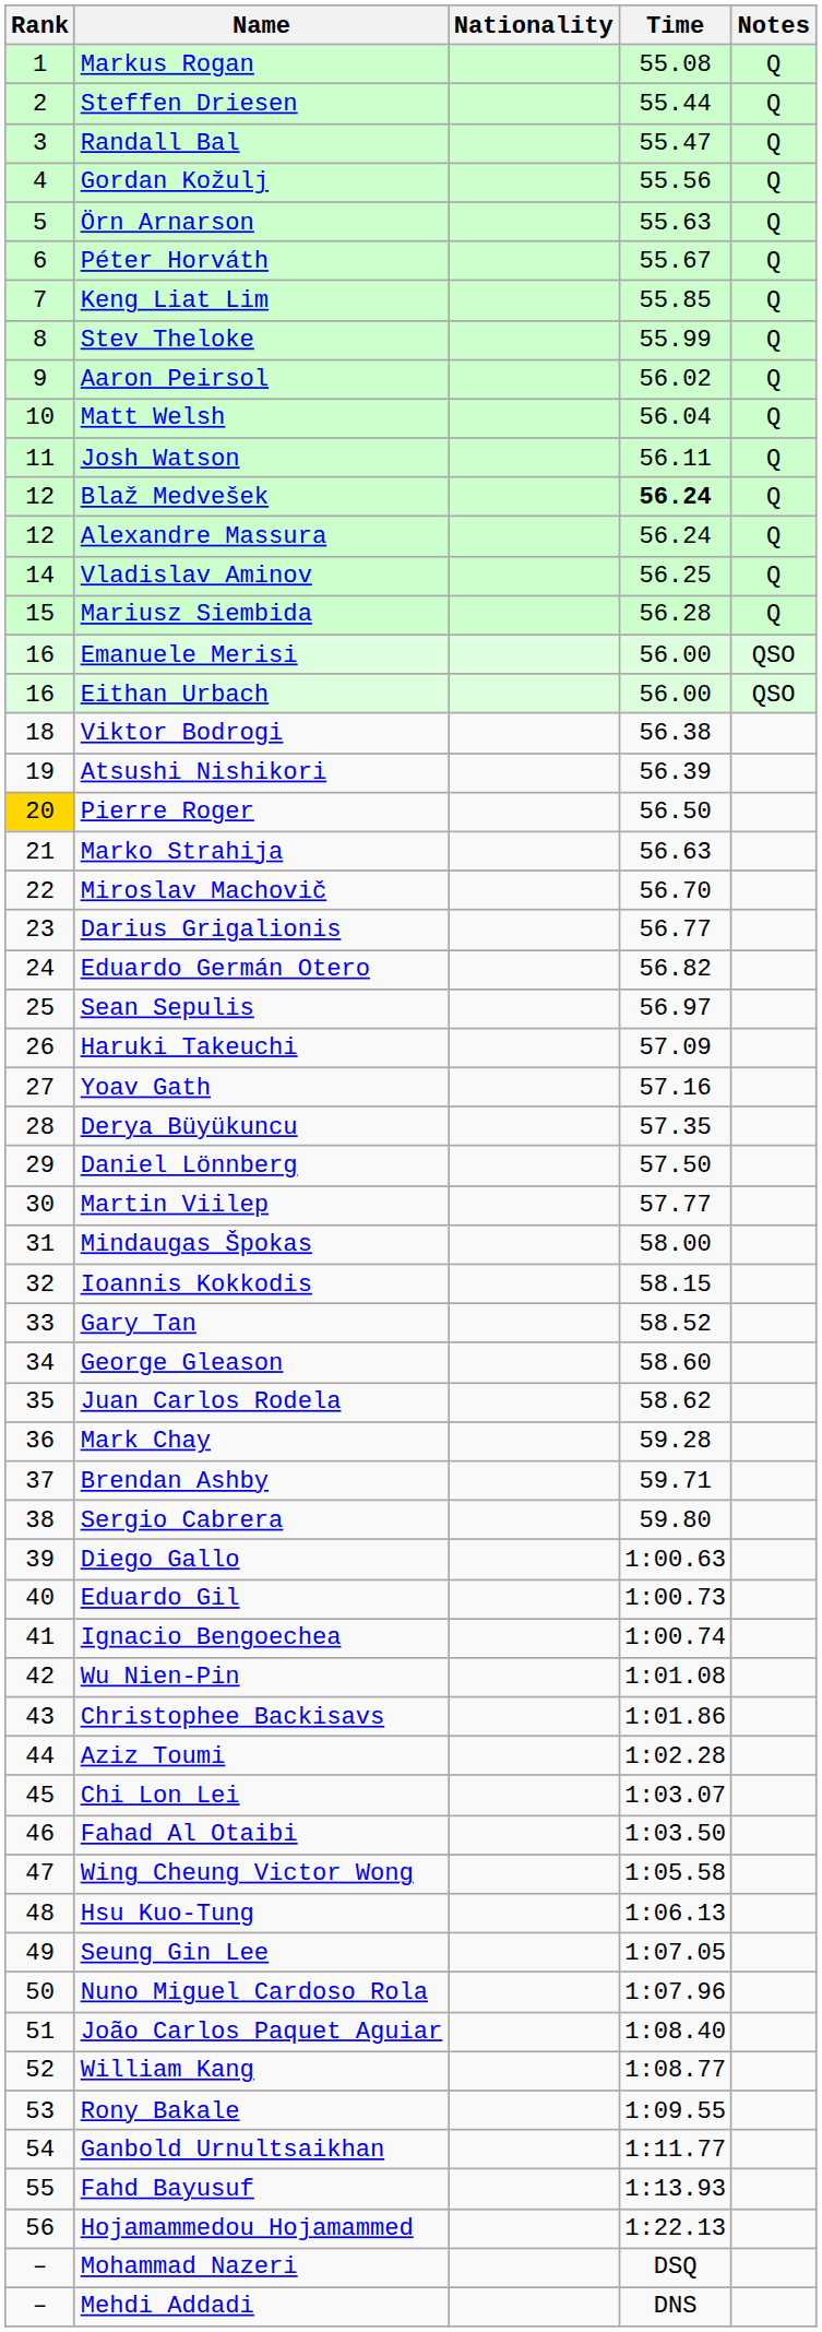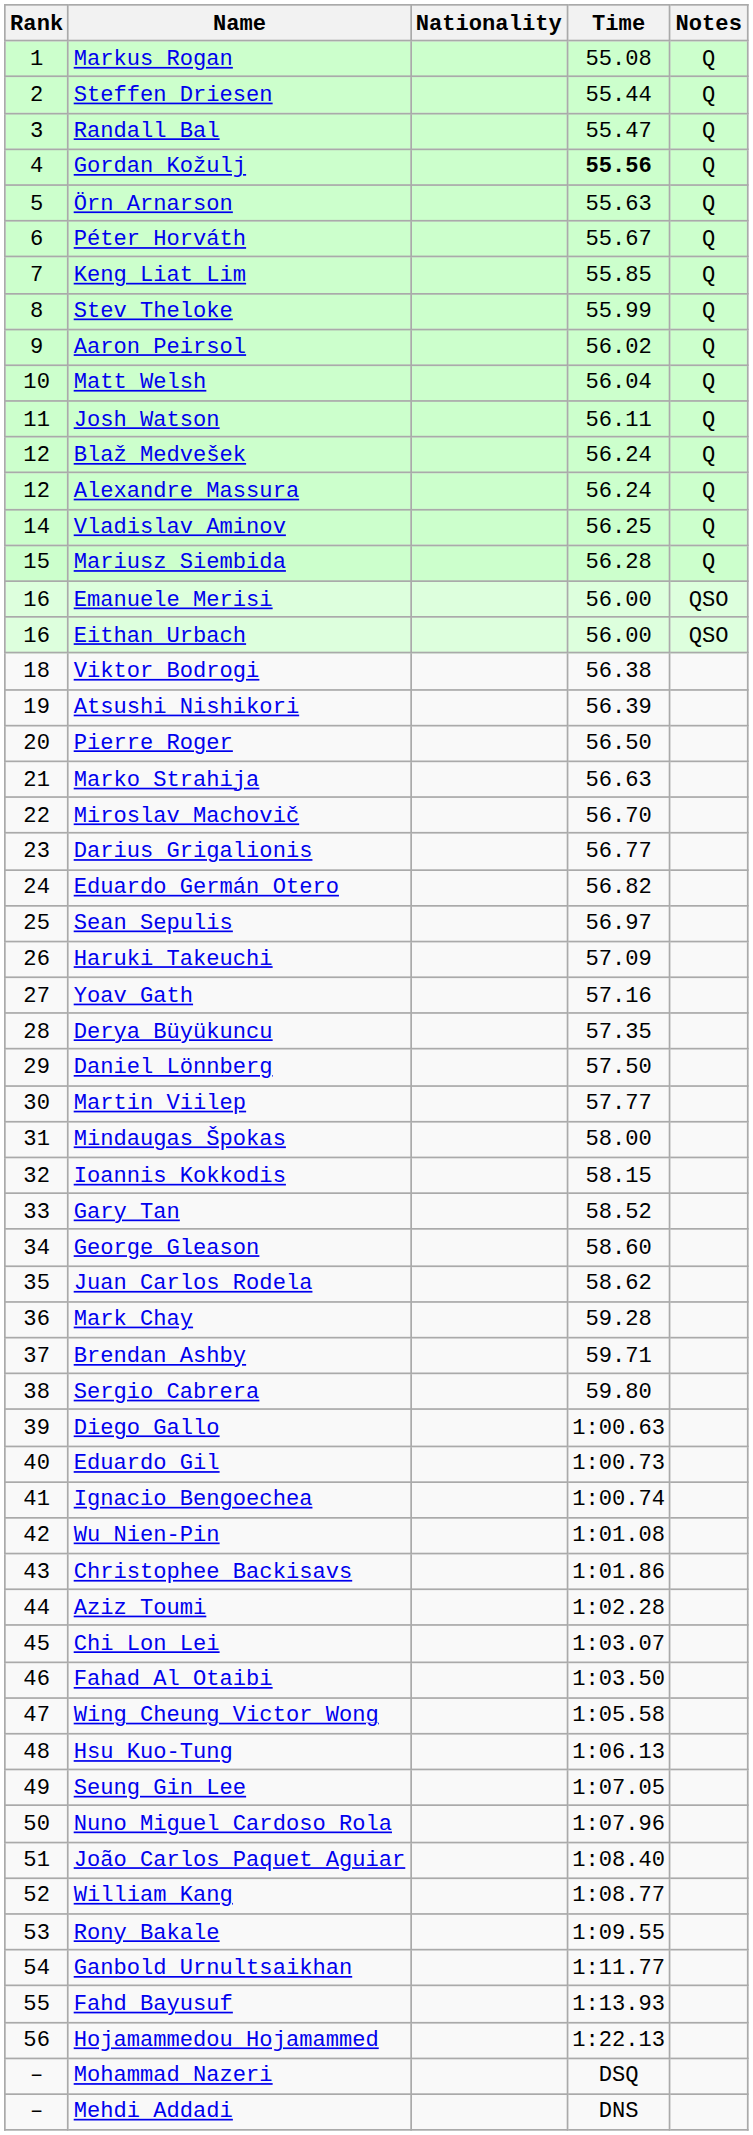 <table class="wikitable sortable" style="text-align:center">
 <tr>
 <th>Rank</th>
 <th>Name</th>
 <th>Nationality</th>
 <th>Time</th>
 <th>Notes</th>
 </tr>
 <tr bgcolor=ccffcc>
 <td>1</td>
 <td align=left><a href='#'>Markus Rogan</a></td>
 <td align=left></td>
 <td>55.08</td>
 <td>Q</td>
 </tr>
 <tr bgcolor=ccffcc>
 <td>2</td>
 <td align=left><a href='#'>Steffen Driesen</a></td>
 <td align=left></td>
 <td>55.44</td>
 <td>Q</td>
 </tr>
 <tr bgcolor=ccffcc>
 <td>3</td>
 <td align=left><a href='#'>Randall Bal</a></td>
 <td align=left></td>
 <td>55.47</td>
 <td>Q</td>
 </tr>
 <tr bgcolor=ccffcc>
 <td>4</td>
 <td align=left><a href='#'>Gordan Kožulj</a></td>
 <td align=left></td>
-<td>55.56</td>
+<td><strong>55.56</strong></td>
 <td>Q</td>
 </tr>
 <tr bgcolor=ccffcc>
 <td>5</td>
 <td align=left><a href='#'>Örn Arnarson</a></td>
 <td align=left></td>
 <td>55.63</td>
 <td>Q</td>
 </tr>
 <tr bgcolor=ccffcc>
 <td>6</td>
 <td align=left><a href='#'>Péter Horváth</a></td>
 <td align=left></td>
 <td>55.67</td>
 <td>Q</td>
 </tr>
 <tr bgcolor=ccffcc>
 <td>7</td>
 <td align=left><a href='#'>Keng Liat Lim</a></td>
 <td align=left></td>
 <td>55.85</td>
 <td>Q</td>
 </tr>
 <tr bgcolor=ccffcc>
 <td>8</td>
 <td align=left><a href='#'>Stev Theloke</a></td>
 <td align=left></td>
 <td>55.99</td>
 <td>Q</td>
 </tr>
 <tr bgcolor=ccffcc>
 <td>9</td>
 <td align=left><a href='#'>Aaron Peirsol</a></td>
 <td align=left></td>
 <td>56.02</td>
 <td>Q</td>
 </tr>
 <tr bgcolor=ccffcc>
 <td>10</td>
 <td align=left><a href='#'>Matt Welsh</a></td>
 <td align=left></td>
 <td>56.04</td>
 <td>Q</td>
 </tr>
 <tr bgcolor=ccffcc>
 <td>11</td>
 <td align=left><a href='#'>Josh Watson</a></td>
 <td align=left></td>
 <td>56.11</td>
 <td>Q</td>
 </tr>
 <tr bgcolor=ccffcc>
 <td>12</td>
 <td align=left><a href='#'>Blaž Medvešek</a></td>
 <td align=left></td>
-<td><strong>56.24</strong></td>
+<td>56.24</td>
 <td>Q</td>
 </tr>
 <tr bgcolor=ccffcc>
 <td>12</td>
 <td align=left><a href='#'>Alexandre Massura</a></td>
 <td align=left></td>
 <td>56.24</td>
 <td>Q</td>
 </tr>
 <tr bgcolor=ccffcc>
 <td>14</td>
 <td align=left><a href='#'>Vladislav Aminov</a></td>
 <td align=left></td>
 <td>56.25</td>
 <td>Q</td>
 </tr>
 <tr bgcolor=ccffcc>
 <td>15</td>
 <td align=left><a href='#'>Mariusz Siembida</a></td>
 <td align=left></td>
 <td>56.28</td>
 <td>Q</td>
 </tr>
 <tr bgcolor=ddffdd>
 <td>16</td>
 <td align=left><a href='#'>Emanuele Merisi</a></td>
 <td align=left></td>
 <td>56.00</td>
 <td>QSO</td>
 </tr>
 <tr bgcolor=ddffdd>
 <td>16</td>
 <td align=left><a href='#'>Eithan Urbach</a></td>
 <td align=left></td>
 <td>56.00</td>
 <td>QSO</td>
 </tr>
 <tr>
 <td>18</td>
 <td align=left><a href='#'>Viktor Bodrogi</a></td>
 <td align=left></td>
 <td>56.38</td>
 <td></td>
 </tr>
 <tr>
 <td>19</td>
 <td align=left><a href='#'>Atsushi Nishikori</a></td>
 <td align=left></td>
 <td>56.39</td>
 <td></td>
 </tr>
 <tr>
-<td style="background: gold;">20</td>
+<td>20</td>
 <td align=left><a href='#'>Pierre Roger</a></td>
 <td align=left></td>
 <td>56.50</td>
 <td></td>
 </tr>
 <tr>
 <td>21</td>
 <td align=left><a href='#'>Marko Strahija</a></td>
 <td align=left></td>
 <td>56.63</td>
 <td></td>
 </tr>
 <tr>
 <td>22</td>
 <td align=left><a href='#'>Miroslav Machovič</a></td>
 <td align=left></td>
 <td>56.70</td>
 <td></td>
 </tr>
 <tr>
 <td>23</td>
 <td align=left><a href='#'>Darius Grigalionis</a></td>
 <td align=left></td>
 <td>56.77</td>
 <td></td>
 </tr>
 <tr>
 <td>24</td>
 <td align=left><a href='#'>Eduardo Germán Otero</a></td>
 <td align=left></td>
 <td>56.82</td>
 <td></td>
 </tr>
 <tr>
 <td>25</td>
 <td align=left><a href='#'>Sean Sepulis</a></td>
 <td align=left></td>
 <td>56.97</td>
 <td></td>
 </tr>
 <tr>
 <td>26</td>
 <td align=left><a href='#'>Haruki Takeuchi</a></td>
 <td align=left></td>
 <td>57.09</td>
 <td></td>
 </tr>
 <tr>
 <td>27</td>
 <td align=left><a href='#'>Yoav Gath</a></td>
 <td align=left></td>
 <td>57.16</td>
 <td></td>
 </tr>
 <tr>
 <td>28</td>
 <td align=left><a href='#'>Derya Büyükuncu</a></td>
 <td align=left></td>
 <td>57.35</td>
 <td></td>
 </tr>
 <tr>
 <td>29</td>
 <td align=left><a href='#'>Daniel Lönnberg</a></td>
 <td align=left></td>
 <td>57.50</td>
 <td></td>
 </tr>
 <tr>
 <td>30</td>
 <td align=left><a href='#'>Martin Viilep</a></td>
 <td align=left></td>
 <td>57.77</td>
 <td></td>
 </tr>
 <tr>
 <td>31</td>
 <td align=left><a href='#'>Mindaugas Špokas</a></td>
 <td align=left></td>
 <td>58.00</td>
 <td></td>
 </tr>
 <tr>
 <td>32</td>
 <td align=left><a href='#'>Ioannis Kokkodis</a></td>
 <td align=left></td>
 <td>58.15</td>
 <td></td>
 </tr>
 <tr>
 <td>33</td>
 <td align=left><a href='#'>Gary Tan</a></td>
 <td align=left></td>
 <td>58.52</td>
 <td></td>
 </tr>
 <tr>
 <td>34</td>
 <td align=left><a href='#'>George Gleason</a></td>
 <td align=left></td>
 <td>58.60</td>
 <td></td>
 </tr>
 <tr>
 <td>35</td>
 <td align=left><a href='#'>Juan Carlos Rodela</a></td>
 <td align=left></td>
 <td>58.62</td>
 <td></td>
 </tr>
 <tr>
 <td>36</td>
 <td align=left><a href='#'>Mark Chay</a></td>
 <td align=left></td>
 <td>59.28</td>
 <td></td>
 </tr>
 <tr>
 <td>37</td>
 <td align=left><a href='#'>Brendan Ashby</a></td>
 <td align=left></td>
 <td>59.71</td>
 <td></td>
 </tr>
 <tr>
 <td>38</td>
 <td align=left><a href='#'>Sergio Cabrera</a></td>
 <td align=left></td>
 <td>59.80</td>
 <td></td>
 </tr>
 <tr>
 <td>39</td>
 <td align=left><a href='#'>Diego Gallo</a></td>
 <td align=left></td>
 <td>1:00.63</td>
 <td></td>
 </tr>
 <tr>
 <td>40</td>
 <td align=left><a href='#'>Eduardo Gil</a></td>
 <td align=left></td>
 <td>1:00.73</td>
 <td></td>
 </tr>
 <tr>
 <td>41</td>
 <td align=left><a href='#'>Ignacio Bengoechea</a></td>
 <td align=left></td>
 <td>1:00.74</td>
 <td></td>
 </tr>
 <tr>
 <td>42</td>
 <td align=left><a href='#'>Wu Nien-Pin</a></td>
 <td align=left></td>
 <td>1:01.08</td>
 <td></td>
 </tr>
 <tr>
 <td>43</td>
 <td align=left><a href='#'>Christophee Backisavs</a></td>
 <td align=left></td>
 <td>1:01.86</td>
 <td></td>
 </tr>
 <tr>
 <td>44</td>
 <td align=left><a href='#'>Aziz Toumi</a></td>
 <td align=left></td>
 <td>1:02.28</td>
 <td></td>
 </tr>
 <tr>
 <td>45</td>
 <td align=left><a href='#'>Chi Lon Lei</a></td>
 <td align=left></td>
 <td>1:03.07</td>
 <td></td>
 </tr>
 <tr>
 <td>46</td>
 <td align=left><a href='#'>Fahad Al Otaibi</a></td>
 <td align=left></td>
 <td>1:03.50</td>
 <td></td>
 </tr>
 <tr>
 <td>47</td>
 <td align=left><a href='#'>Wing Cheung Victor Wong</a></td>
 <td align=left></td>
 <td>1:05.58</td>
 <td></td>
 </tr>
 <tr>
 <td>48</td>
 <td align=left><a href='#'>Hsu Kuo-Tung</a></td>
 <td align=left></td>
 <td>1:06.13</td>
 <td></td>
 </tr>
 <tr>
 <td>49</td>
 <td align=left><a href='#'>Seung Gin Lee</a></td>
 <td align=left></td>
 <td>1:07.05</td>
 <td></td>
 </tr>
 <tr>
 <td>50</td>
 <td align=left><a href='#'>Nuno Miguel Cardoso Rola</a></td>
 <td align=left></td>
 <td>1:07.96</td>
 <td></td>
 </tr>
 <tr>
 <td>51</td>
 <td align=left><a href='#'>João Carlos Paquet Aguiar</a></td>
 <td align=left></td>
 <td>1:08.40</td>
 <td></td>
 </tr>
 <tr>
 <td>52</td>
 <td align=left><a href='#'>William Kang</a></td>
 <td align=left></td>
 <td>1:08.77</td>
 <td></td>
 </tr>
 <tr>
 <td>53</td>
 <td align=left><a href='#'>Rony Bakale</a></td>
 <td align=left></td>
 <td>1:09.55</td>
 <td></td>
 </tr>
 <tr>
 <td>54</td>
 <td align=left><a href='#'>Ganbold Urnultsaikhan</a></td>
 <td align=left></td>
 <td>1:11.77</td>
 <td></td>
 </tr>
 <tr>
 <td>55</td>
 <td align=left><a href='#'>Fahd Bayusuf</a></td>
 <td align=left></td>
 <td>1:13.93</td>
 <td></td>
 </tr>
 <tr>
 <td>56</td>
 <td align=left><a href='#'>Hojamammedou Hojamammed</a></td>
 <td align=left></td>
 <td>1:22.13</td>
 <td></td>
 </tr>
 <tr>
 <td>–</td>
 <td align=left><a href='#'>Mohammad Nazeri</a></td>
 <td align=left></td>
 <td>DSQ</td>
 <td></td>
 </tr>
 <tr>
 <td>–</td>
 <td align=left><a href='#'>Mehdi Addadi</a></td>
 <td align=left></td>
 <td>DNS</td>
 <td></td>
 </tr>
 </table>
